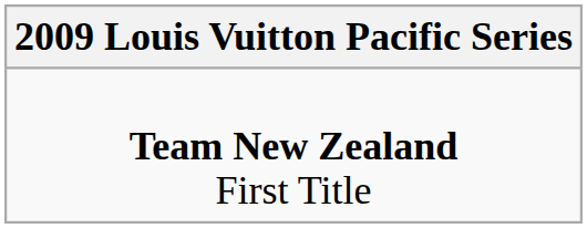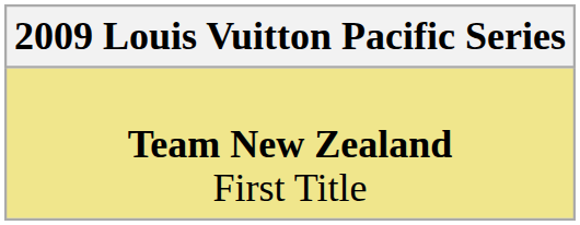 <table class="wikitable" style="text-align: center; margin: 0 auto">
 <tr>
 <th>2009 Louis Vuitton Pacific Series</th>
 </tr>
 <tr>
-<td><br><strong>Team New Zealand</strong><br>First Title</td>
+<td style="background: khaki;"><br><strong>Team New Zealand</strong><br>First Title</td>
 </tr>
 </table>
